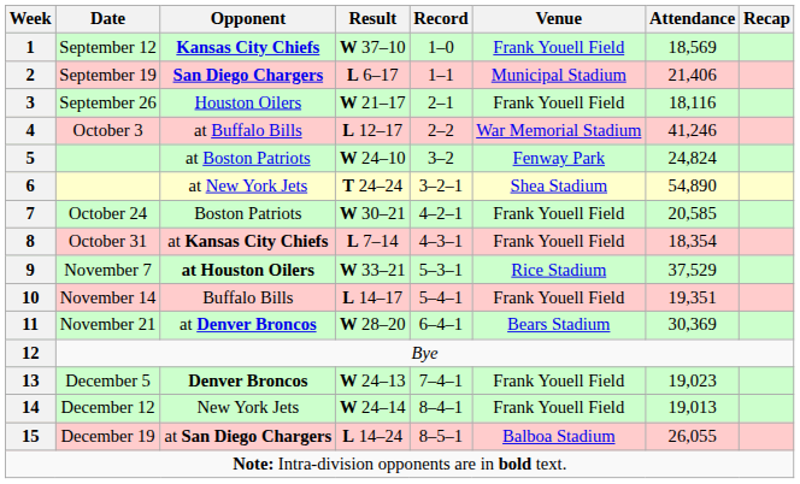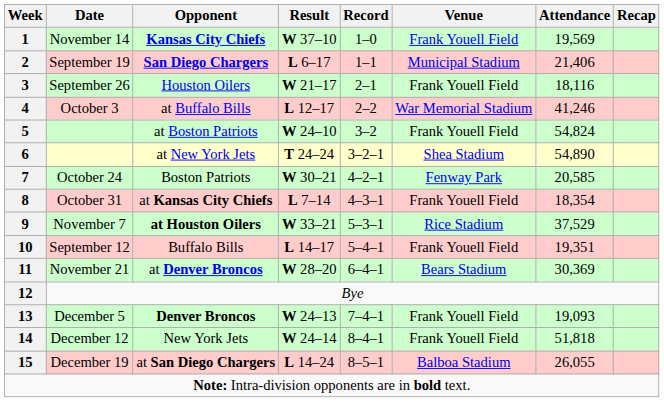 <table class="wikitable" style="text-align:center">
 <tr>
 <th>Week</th>
 <th>Date</th>
 <th>Opponent</th>
 <th>Result</th>
 <th>Record</th>
 <th>Venue</th>
 <th>Attendance</th>
 <th>Recap</th>
 </tr>
 <tr style="background:#cfc">
 <th>1</th>
-<td>September 12</td>
+<td>November 14</td>
 <td><strong><a href='#'>Kansas City Chiefs</a></strong></td>
 <td><strong>W</strong> 37–10</td>
 <td>1–0</td>
 <td><a href='#'>Frank Youell Field</a></td>
-<td>18,569</td>
+<td>19,569</td>
 <td></td>
 </tr>
 <tr style="background:#fcc">
 <th>2</th>
 <td>September 19</td>
 <td><strong><a href='#'>San Diego Chargers</a></strong></td>
 <td><strong>L</strong> 6–17</td>
 <td>1–1</td>
 <td><a href='#'>Municipal Stadium</a></td>
 <td>21,406</td>
 <td></td>
 </tr>
 <tr style="background:#cfc">
 <th>3</th>
 <td>September 26</td>
 <td><a href='#'>Houston Oilers</a></td>
 <td><strong>W</strong> 21–17</td>
 <td>2–1</td>
 <td>Frank Youell Field</td>
 <td>18,116</td>
 <td></td>
 </tr>
 <tr style="background:#fcc">
 <th>4</th>
 <td>October 3</td>
 <td>at <a href='#'>Buffalo Bills</a></td>
 <td><strong>L</strong> 12–17</td>
 <td>2–2</td>
 <td><a href='#'>War Memorial Stadium</a></td>
 <td>41,246</td>
 <td></td>
 </tr>
 <tr style="background:#cfc">
 <th>5</th>
 <td></td>
 <td>at <a href='#'>Boston Patriots</a></td>
 <td><strong>W</strong> 24–10</td>
 <td>3–2</td>
-<td><a href='#'>Fenway Park</a></td>
-<td>24,824</td>
+<td>Frank Youell Field</td>
+<td>54,824</td>
 <td></td>
 </tr>
 <tr style="background:#ffc">
 <th>6</th>
 <td></td>
 <td>at <a href='#'>New York Jets</a></td>
 <td><strong>T</strong> 24–24</td>
 <td>3–2–1</td>
 <td><a href='#'>Shea Stadium</a></td>
 <td>54,890</td>
 <td></td>
 </tr>
 <tr style="background:#cfc">
 <th>7</th>
 <td>October 24</td>
 <td>Boston Patriots</td>
 <td><strong>W</strong> 30–21</td>
 <td>4–2–1</td>
-<td>Frank Youell Field</td>
+<td><a href='#'>Fenway Park</a></td>
 <td>20,585</td>
 <td></td>
 </tr>
 <tr style="background:#fcc">
 <th>8</th>
 <td>October 31</td>
 <td>at <strong>Kansas City Chiefs</strong></td>
 <td><strong>L</strong> 7–14</td>
 <td>4–3–1</td>
 <td>Frank Youell Field</td>
 <td>18,354</td>
 <td></td>
 </tr>
 <tr style="background:#cfc">
 <th>9</th>
 <td>November 7</td>
 <td><strong>at Houston Oilers</strong></td>
 <td><strong>W</strong> 33–21</td>
 <td>5–3–1</td>
 <td><a href='#'>Rice Stadium</a></td>
 <td>37,529</td>
 <td></td>
 </tr>
 <tr style="background:#fcc">
 <th>10</th>
-<td>November 14</td>
+<td>September 12</td>
 <td>Buffalo Bills</td>
 <td><strong>L</strong> 14–17</td>
 <td>5–4–1</td>
 <td>Frank Youell Field</td>
 <td>19,351</td>
 <td></td>
 </tr>
 <tr style="background:#cfc">
 <th>11</th>
 <td>November 21</td>
 <td>at <strong><a href='#'>Denver Broncos</a></strong></td>
 <td><strong>W</strong> 28–20</td>
 <td>6–4–1</td>
 <td><a href='#'>Bears Stadium</a></td>
 <td>30,369</td>
 <td></td>
 </tr>
 <tr>
 <th>12</th>
 <td colspan="7" align="center"><em>Bye</em></td>
 </tr>
 <tr style="background:#cfc">
 <th>13</th>
 <td>December 5</td>
 <td><strong>Denver Broncos</strong></td>
 <td><strong>W</strong> 24–13</td>
 <td>7–4–1</td>
 <td>Frank Youell Field</td>
-<td>19,023</td>
+<td>19,093</td>
 <td></td>
 </tr>
 <tr style="background:#cfc">
 <th>14</th>
 <td>December 12</td>
 <td>New York Jets</td>
 <td><strong>W</strong> 24–14</td>
 <td>8–4–1</td>
 <td>Frank Youell Field</td>
-<td>19,013</td>
+<td>51,818</td>
 <td></td>
 </tr>
 <tr style="background:#fcc">
 <th>15</th>
 <td>December 19</td>
 <td>at <strong>San Diego Chargers</strong></td>
 <td><strong>L</strong> 14–24</td>
 <td>8–5–1</td>
 <td><a href='#'>Balboa Stadium</a></td>
 <td>26,055</td>
 <td></td>
 </tr>
 <tr>
 <td colspan="8"><strong>Note:</strong> Intra-division opponents are in <strong>bold</strong> text.</td>
 </tr>
 </table>
